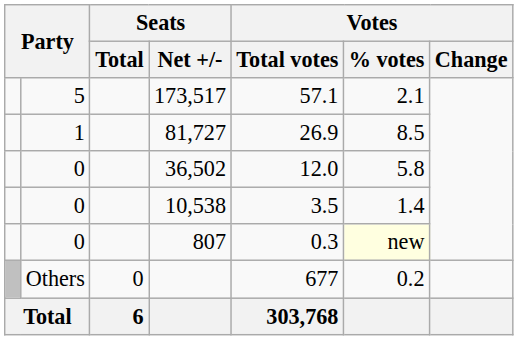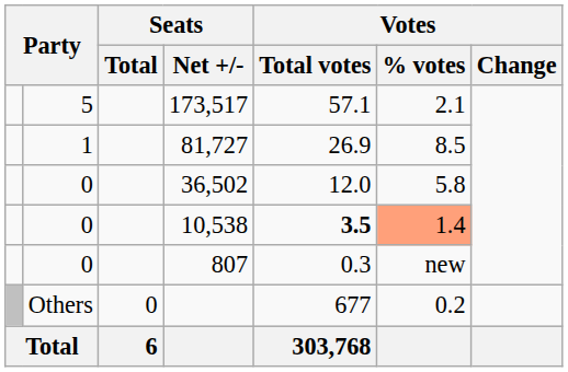 <table class="wikitable" style="text-align:right; font-size:95%;">
 <tr>
 <th colspan="2" rowspan="2">Party</th>
 <th colspan="2">Seats</th>
 <th colspan="3">Votes</th>
 </tr>
 <tr>
 <th>Total</th>
 <th>Net +/-</th>
 <th>Total votes</th>
 <th>% votes</th>
 <th>Change</th>
 </tr>
 <tr>
 <td></td>
 <td>5</td>
 <td></td>
 <td>173,517</td>
 <td>57.1</td>
 <td>2.1</td>
 </tr>
 <tr>
 <td></td>
 <td>1</td>
 <td></td>
 <td>81,727</td>
 <td>26.9</td>
 <td>8.5</td>
 </tr>
 <tr>
 <td></td>
 <td>0</td>
 <td></td>
 <td>36,502</td>
 <td>12.0</td>
 <td>5.8</td>
 </tr>
 <tr>
 <td></td>
 <td>0</td>
 <td></td>
 <td>10,538</td>
-<td>3.5</td>
-<td>1.4</td>
+<td><strong>3.5</strong></td>
+<td style="background: lightsalmon;">1.4</td>
 </tr>
 <tr>
 <td></td>
 <td>0</td>
 <td></td>
 <td>807</td>
 <td>0.3</td>
-<td style="background: lightyellow;">new</td>
+<td>new</td>
 </tr>
 <tr>
 <td style="background:silver;"> </td>
 <td align=left>Others</td>
 <td>0</td>
 <td></td>
 <td>677</td>
 <td>0.2</td>
 <td></td>
 </tr>
 <tr>
 <th colspan="2" style="background:#f2f2f2">Total</th>
 <td style="background:#f2f2f2;"><strong>6</strong></td>
 <td style="background:#f2f2f2;"></td>
 <td style="background:#f2f2f2;"><strong>303,768</strong></td>
 <td style="background:#f2f2f2;"></td>
 <td style="background:#f2f2f2;"></td>
 </tr>
 </table>
